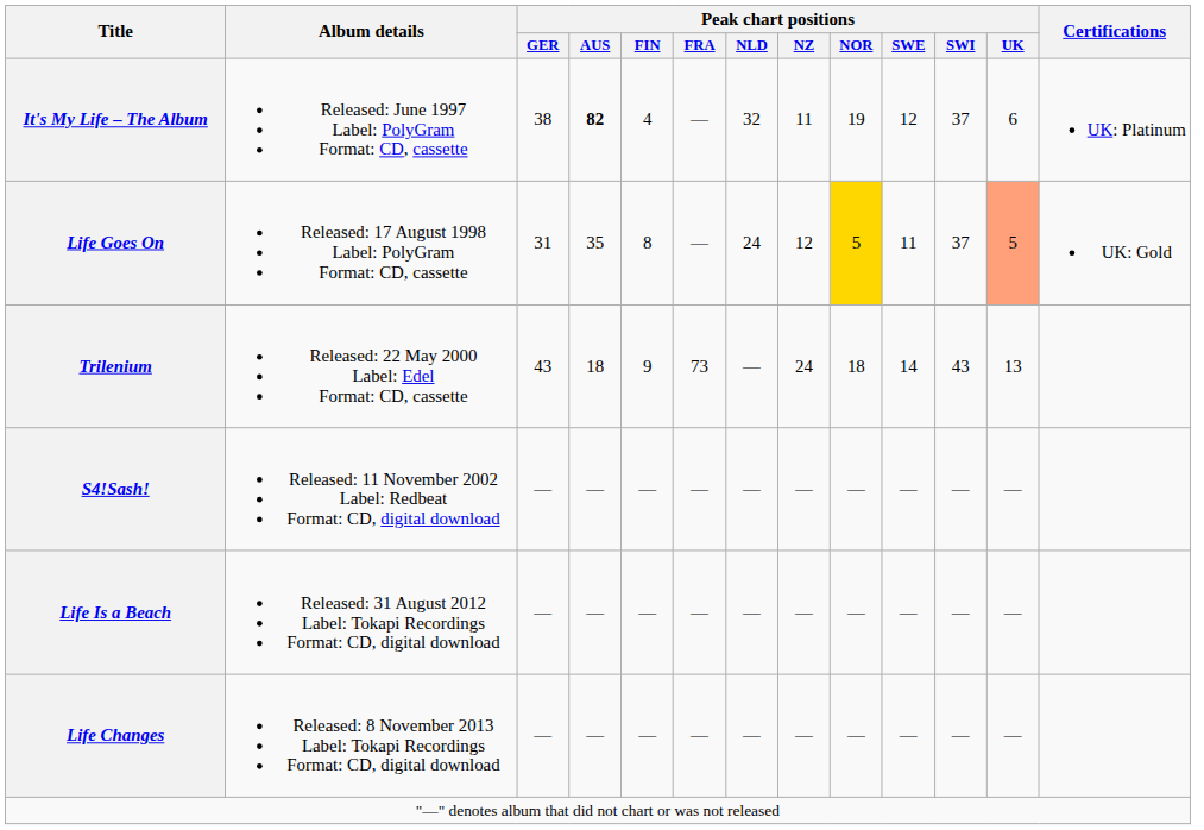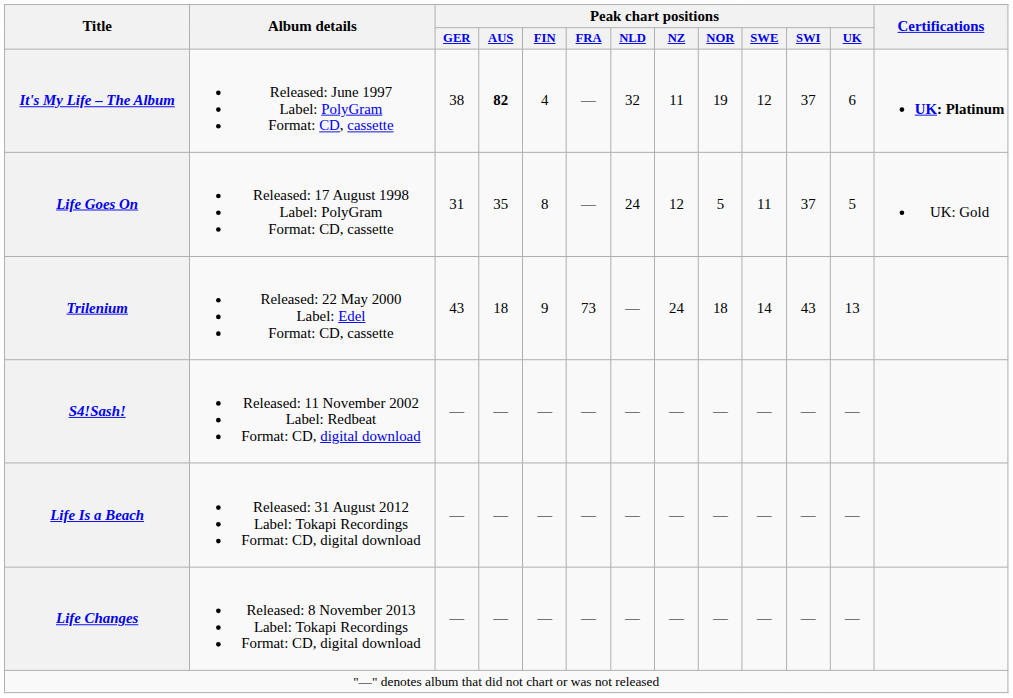 <table class="wikitable plainrowheaders" style="text-align:center;" border="1">
 <tr>
 <th scope="col" rowspan="2" style="width:12em;">Title</th>
 <th scope="col" rowspan="2" style="width:16em;">Album details</th>
 <th scope="col" colspan="10">Peak chart positions</th>
 <th scope="col" rowspan="2"><a href='#'>Certifications</a></th>
 </tr>
 <tr>
 <th scope="col" style="width:3em;font-size:85%;"><a href='#'>GER</a><br></th>
 <th scope="col" style="width:3em;font-size:85%;"><a href='#'>AUS</a><br></th>
 <th scope="col" style="width:3em;font-size:85%;"><a href='#'>FIN</a><br></th>
 <th scope="col" style="width:3em;font-size:85%;"><a href='#'>FRA</a><br></th>
 <th scope="col" style="width:3em;font-size:85%;"><a href='#'>NLD</a><br></th>
 <th scope="col" style="width:3em;font-size:85%;"><a href='#'>NZ</a><br></th>
 <th scope="col" style="width:3em;font-size:85%;"><a href='#'>NOR</a><br></th>
 <th scope="col" style="width:3em;font-size:85%;"><a href='#'>SWE</a><br></th>
 <th scope="col" style="width:3em;font-size:85%;"><a href='#'>SWI</a><br></th>
 <th scope="col" style="width:3em;font-size:85%;"><a href='#'>UK</a><br></th>
 </tr>
 <tr>
 <th scope="row"><em><a href='#'>It's My Life – The Album</a></em></th>
 <td><br><ul><li>Released: June 1997</li><li>Label: <a href='#'>PolyGram</a></li><li>Format: <a href='#'>CD</a>, <a href='#'>cassette</a></li></ul></td>
 <td>38</td>
 <td><strong>82</strong></td>
 <td>4</td>
 <td>—</td>
 <td>32</td>
 <td>11</td>
 <td>19</td>
 <td>12</td>
 <td>37</td>
 <td>6</td>
-<td><br><ul><li><a href='#'>UK</a>: Platinum</li></ul></td>
+<td><strong><br><ul><li><a href='#'>UK</a>: Platinum</li></ul></strong></td>
 </tr>
 <tr>
 <th scope="row"><em><a href='#'>Life Goes On</a></em></th>
 <td><br><ul><li>Released: 17 August 1998</li><li>Label: PolyGram</li><li>Format: CD, cassette</li></ul></td>
 <td>31</td>
 <td>35</td>
 <td>8</td>
 <td>—</td>
 <td>24</td>
 <td>12</td>
-<td style="background: gold;">5</td>
+<td>5</td>
 <td>11</td>
 <td>37</td>
-<td style="background: lightsalmon;">5</td>
+<td>5</td>
 <td><br><ul><li>UK: Gold</li></ul></td>
 </tr>
 <tr>
 <th scope="row"><em><a href='#'>Trilenium</a></em></th>
 <td><br><ul><li>Released: 22 May 2000</li><li>Label: <a href='#'>Edel</a></li><li>Format: CD, cassette</li></ul></td>
 <td>43</td>
 <td>18</td>
 <td>9</td>
 <td>73</td>
 <td>—</td>
 <td>24</td>
 <td>18</td>
 <td>14</td>
 <td>43</td>
 <td>13</td>
 <td></td>
 </tr>
 <tr>
 <th scope="row"><em><a href='#'>S4!Sash!</a></em></th>
 <td><br><ul><li>Released: 11 November 2002</li><li>Label: Redbeat</li><li>Format: CD, <a href='#'>digital download</a></li></ul></td>
 <td>—</td>
 <td>—</td>
 <td>—</td>
 <td>—</td>
 <td>—</td>
 <td>—</td>
 <td>—</td>
 <td>—</td>
 <td>—</td>
 <td>—</td>
 <td></td>
 </tr>
 <tr>
 <th scope="row"><em><a href='#'>Life Is a Beach</a></em></th>
 <td><br><ul><li>Released: 31 August 2012</li><li>Label: Tokapi Recordings</li><li>Format: CD, digital download</li></ul></td>
 <td>—</td>
 <td>—</td>
 <td>—</td>
 <td>—</td>
 <td>—</td>
 <td>—</td>
 <td>—</td>
 <td>—</td>
 <td>—</td>
 <td>—</td>
 <td></td>
 </tr>
 <tr>
 <th scope="row"><em><a href='#'>Life Changes</a></em></th>
 <td><br><ul><li>Released: 8 November 2013</li><li>Label: Tokapi Recordings</li><li>Format: CD, digital download</li></ul></td>
 <td>—</td>
 <td>—</td>
 <td>—</td>
 <td>—</td>
 <td>—</td>
 <td>—</td>
 <td>—</td>
 <td>—</td>
 <td>—</td>
 <td>—</td>
 <td></td>
 </tr>
 <tr>
 <td align="center" colspan="14" style="font-size:90%">"—" denotes album that did not chart or was not released</td>
 </tr>
 </table>
